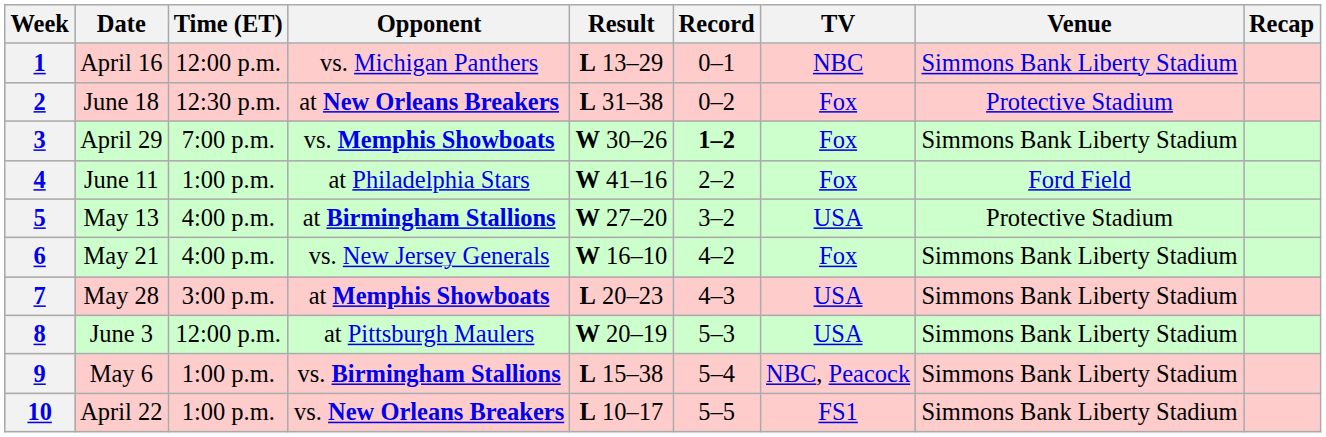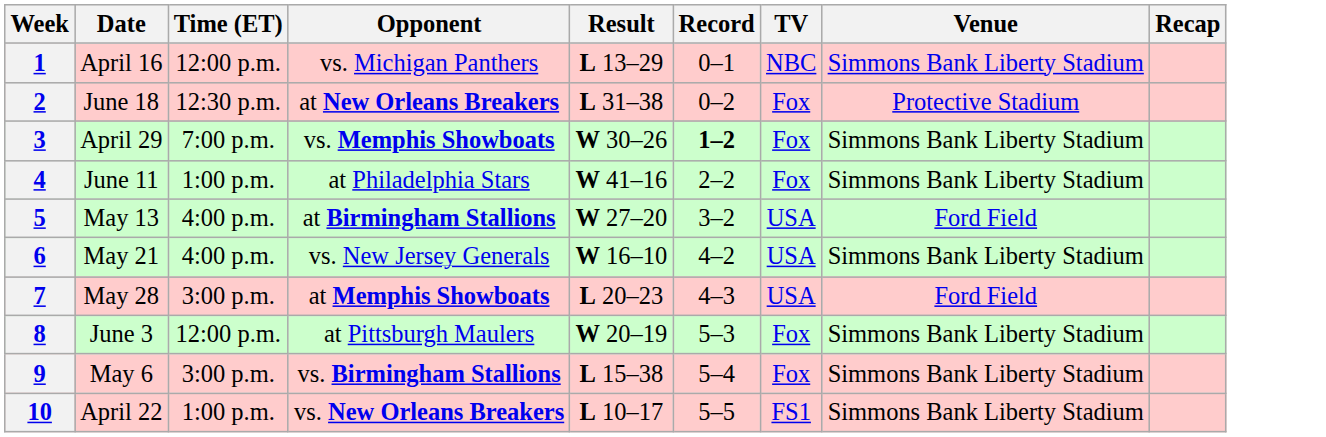 <table class="wikitable" style="text-align:center">
 <tr>
 <th>Week</th>
 <th>Date</th>
 <th>Time (ET)</th>
 <th>Opponent</th>
 <th>Result</th>
 <th>Record</th>
 <th>TV</th>
 <th>Venue</th>
 <th>Recap</th>
 </tr>
 <tr style="background:#ffcccc">
 <th><a href='#'>1</a></th>
 <td>April 16</td>
 <td>12:00 p.m.</td>
 <td>vs. <a href='#'>Michigan Panthers</a></td>
 <td><strong>L</strong> 13–29</td>
 <td>0–1</td>
 <td><a href='#'>NBC</a></td>
 <td><a href='#'>Simmons Bank Liberty Stadium</a></td>
 <td></td>
 </tr>
 <tr style="background:#ffcccc">
 <th><a href='#'>2</a></th>
 <td>June 18</td>
 <td>12:30 p.m.</td>
 <td>at <strong><a href='#'>New Orleans Breakers</a></strong></td>
 <td><strong>L</strong> 31–38</td>
 <td>0–2</td>
 <td><a href='#'>Fox</a></td>
 <td><a href='#'>Protective Stadium</a></td>
 <td></td>
 </tr>
 <tr style="background:#ccffcc">
 <th><a href='#'>3</a></th>
 <td>April 29</td>
 <td>7:00 p.m.</td>
 <td>vs. <strong><a href='#'>Memphis Showboats</a></strong></td>
 <td><strong>W</strong> 30–26</td>
 <td><strong>1–2</strong></td>
 <td><a href='#'>Fox</a></td>
 <td>Simmons Bank Liberty Stadium</td>
 <td></td>
 </tr>
 <tr style="background:#ccffcc">
 <th><a href='#'>4</a></th>
 <td>June 11</td>
 <td>1:00 p.m.</td>
 <td>at <a href='#'>Philadelphia Stars</a></td>
 <td><strong>W</strong> 41–16</td>
 <td>2–2</td>
 <td><a href='#'>Fox</a></td>
-<td><a href='#'>Ford Field</a></td>
+<td>Simmons Bank Liberty Stadium</td>
 <td></td>
 </tr>
 <tr style="background:#ccffcc">
 <th><a href='#'>5</a></th>
 <td>May 13</td>
 <td>4:00 p.m.</td>
 <td>at <strong><a href='#'>Birmingham Stallions</a></strong></td>
 <td><strong>W</strong> 27–20</td>
 <td>3–2</td>
 <td><a href='#'>USA</a></td>
-<td>Protective Stadium</td>
+<td><a href='#'>Ford Field</a></td>
 <td></td>
 </tr>
 <tr style="background:#ccffcc">
 <th><a href='#'>6</a></th>
 <td>May 21</td>
 <td>4:00 p.m.</td>
 <td>vs. <a href='#'>New Jersey Generals</a></td>
 <td><strong>W</strong> 16–10</td>
 <td>4–2</td>
-<td><a href='#'>Fox</a></td>
+<td><a href='#'>USA</a></td>
 <td>Simmons Bank Liberty Stadium</td>
 <td></td>
 </tr>
 <tr style="background:#ffcccc">
 <th><a href='#'>7</a></th>
 <td>May 28</td>
 <td>3:00 p.m.</td>
 <td>at <strong><a href='#'>Memphis Showboats</a></strong></td>
 <td><strong>L</strong> 20–23</td>
 <td>4–3</td>
 <td><a href='#'>USA</a></td>
-<td>Simmons Bank Liberty Stadium</td>
+<td><a href='#'>Ford Field</a></td>
 <td></td>
 </tr>
 <tr style="background:#ccffcc">
 <th><a href='#'>8</a></th>
 <td>June 3</td>
 <td>12:00 p.m.</td>
 <td>at <a href='#'>Pittsburgh Maulers</a></td>
 <td><strong>W</strong> 20–19</td>
 <td>5–3</td>
-<td><a href='#'>USA</a></td>
+<td><a href='#'>Fox</a></td>
 <td>Simmons Bank Liberty Stadium</td>
 <td></td>
 </tr>
 <tr style="background:#ffcccc">
 <th><a href='#'>9</a></th>
 <td>May 6</td>
-<td>1:00 p.m.</td>
+<td>3:00 p.m.</td>
 <td>vs. <strong><a href='#'>Birmingham Stallions</a></strong></td>
 <td><strong>L</strong> 15–38</td>
 <td>5–4</td>
-<td><a href='#'>NBC</a>, <a href='#'>Peacock</a></td>
+<td><a href='#'>Fox</a></td>
 <td>Simmons Bank Liberty Stadium</td>
 <td></td>
 </tr>
 <tr style="background:#ffcccc">
 <th><a href='#'>10</a></th>
 <td>April 22</td>
 <td>1:00 p.m.</td>
 <td>vs. <strong><a href='#'>New Orleans Breakers</a></strong></td>
 <td><strong>L</strong> 10–17</td>
 <td>5–5</td>
 <td><a href='#'>FS1</a></td>
 <td>Simmons Bank Liberty Stadium</td>
 <td></td>
 </tr>
 </table>
